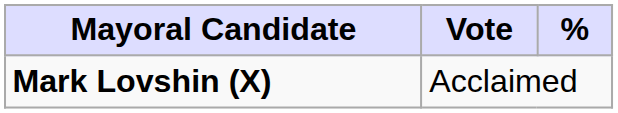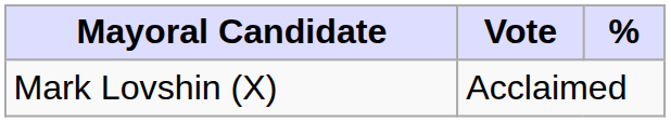 <table class="wikitable">
 <tr>
 <th style="background:#ddf; width:200px;">Mayoral Candidate </th>
 <th style="background:#ddf; width:50px;">Vote</th>
 <th style="background:#ddf; width:30px;">%</th>
 </tr>
 <tr>
-<td><strong>Mark Lovshin (X)</strong></td>
+<td>Mark Lovshin (X)</td>
 <td colspan="2">Acclaimed</td>
 </tr>
 </table>
